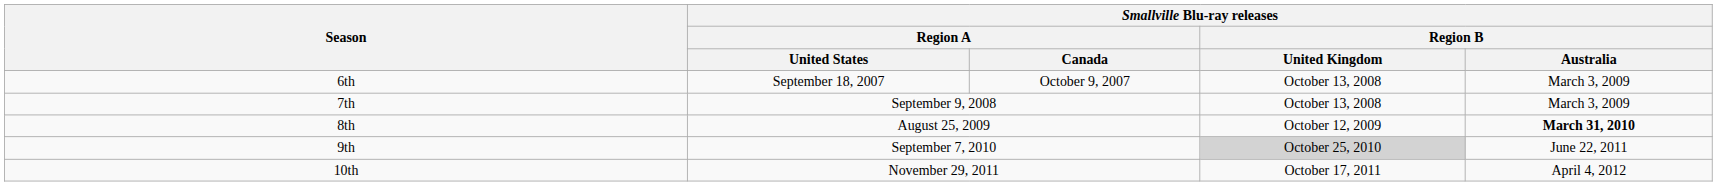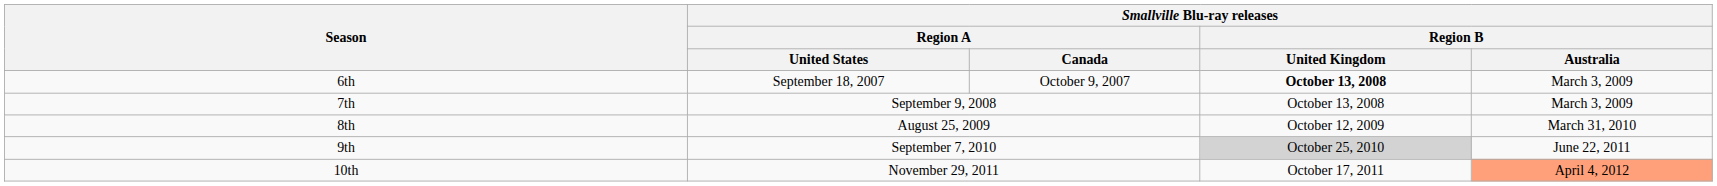 <table class="wikitable" style="width:99%;">
 <tr>
 <th rowspan="3">Season</th>
 <th colspan="4"><em>Smallville</em> Blu-ray releases</th>
 </tr>
 <tr>
 <th style="width:30%;" colspan="2">Region A</th>
 <th style="width:30%;" colspan="2">Region B</th>
 </tr>
 <tr>
 <th>United States</th>
 <th>Canada</th>
 <th>United Kingdom</th>
 <th>Australia</th>
 </tr>
 <tr>
 <td style="text-align:center;">6th</td>
 <td style="text-align:center;">September 18, 2007</td>
 <td style="text-align:center;">October 9, 2007</td>
-<td style="text-align:center;">October 13, 2008</td>
+<td style="text-align:center;"><strong>October 13, 2008</strong></td>
 <td style="text-align:center;">March 3, 2009</td>
 </tr>
 <tr>
 <td style="text-align:center;">7th</td>
 <td style="text-align:center;" colspan="2">September 9, 2008</td>
 <td style="text-align:center;">October 13, 2008</td>
 <td style="text-align:center;">March 3, 2009</td>
 </tr>
 <tr>
 <td style="text-align:center;">8th</td>
 <td style="text-align:center;" colspan="2">August 25, 2009</td>
 <td style="text-align:center;">October 12, 2009</td>
-<td style="text-align:center;"><strong>March 31, 2010</strong></td>
+<td style="text-align:center;">March 31, 2010</td>
 </tr>
 <tr>
 <td style="text-align:center;">9th</td>
 <td style="text-align:center;" colspan="2">September 7, 2010</td>
 <td style="background: lightgrey; text-align:center;">October 25, 2010</td>
 <td style="text-align:center;">June 22, 2011</td>
 </tr>
 <tr>
 <td style="text-align:center;">10th</td>
 <td style="text-align:center;" colspan="2">November 29, 2011</td>
 <td style="text-align:center;">October 17, 2011</td>
-<td style="text-align:center;">April 4, 2012</td>
+<td style="background: lightsalmon; text-align:center;">April 4, 2012</td>
 </tr>
 </table>
